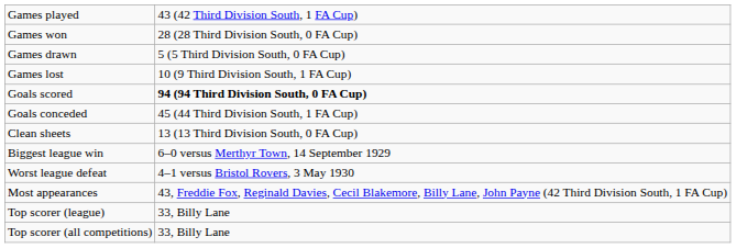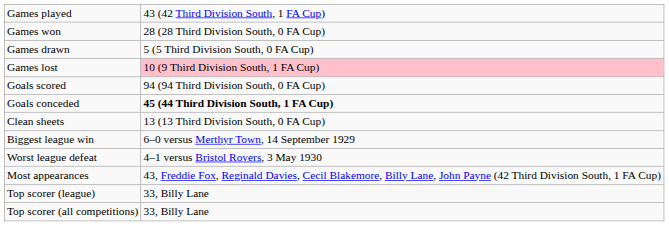 <table class="wikitable">
 <tr>
 <td>Games played</td>
 <td>43 (42 <a href='#'>Third Division South</a>, 1 <a href='#'>FA Cup</a>)</td>
 </tr>
 <tr>
 <td>Games won</td>
 <td>28 (28 Third Division South, 0 FA Cup)</td>
 </tr>
 <tr>
 <td>Games drawn</td>
 <td>5 (5 Third Division South, 0 FA Cup)</td>
 </tr>
 <tr>
 <td>Games lost</td>
-<td>10 (9 Third Division South, 1 FA Cup)</td>
+<td style="background: pink;">10 (9 Third Division South, 1 FA Cup)</td>
 </tr>
 <tr>
 <td>Goals scored</td>
-<td><strong>94 (94 Third Division South, 0 FA Cup)</strong></td>
+<td>94 (94 Third Division South, 0 FA Cup)</td>
 </tr>
 <tr>
 <td>Goals conceded</td>
-<td>45 (44 Third Division South, 1 FA Cup)</td>
+<td><strong>45 (44 Third Division South, 1 FA Cup)</strong></td>
 </tr>
 <tr>
 <td>Clean sheets</td>
 <td>13 (13 Third Division South, 0 FA Cup)</td>
 </tr>
 <tr>
 <td>Biggest league win</td>
 <td>6–0 versus <a href='#'>Merthyr Town</a>, 14 September 1929</td>
 </tr>
 <tr>
 <td>Worst league defeat</td>
 <td>4–1 versus <a href='#'>Bristol Rovers</a>, 3 May 1930</td>
 </tr>
 <tr>
 <td>Most appearances</td>
 <td>43, <a href='#'>Freddie Fox</a>, <a href='#'>Reginald Davies</a>, <a href='#'>Cecil Blakemore</a>, <a href='#'>Billy Lane</a>, <a href='#'>John Payne</a> (42 Third Division South, 1 FA Cup)</td>
 </tr>
 <tr>
 <td>Top scorer (league)</td>
 <td>33, Billy Lane</td>
 </tr>
 <tr>
 <td>Top scorer (all competitions)</td>
 <td>33, Billy Lane</td>
 </tr>
 </table>
